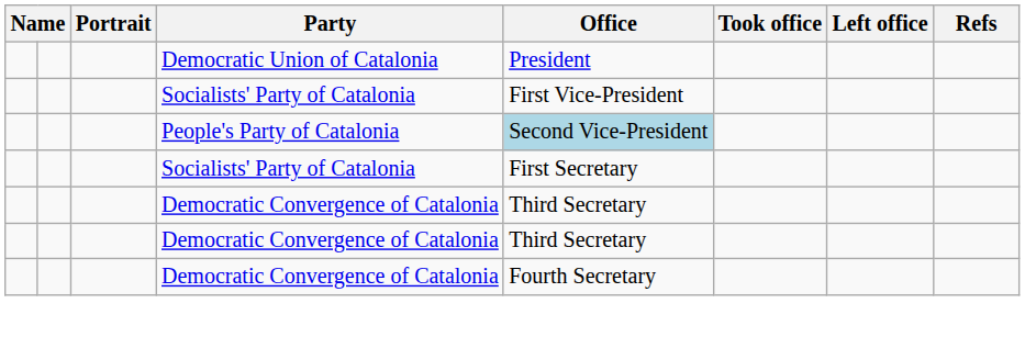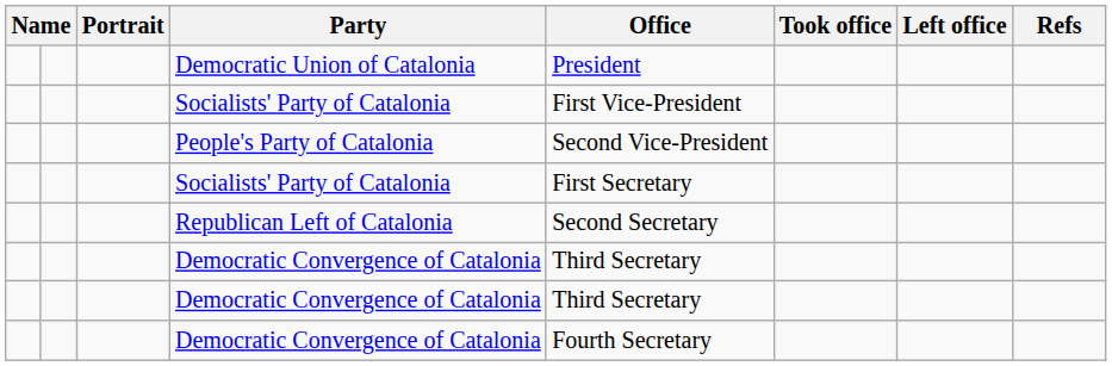 <table class="wikitable plainrowheaders sortable mw-collapsible mw-collapsed" style="font-size:90%; text-align:left;">
 <tr>
 <th scope=col colspan="2">Name</th>
 <th scope=col class=unsortable>Portrait</th>
 <th scope=col>Party</th>
 <th scope=col>Office</th>
 <th scope=col>Took office</th>
 <th scope=col>Left office</th>
 <th scope=col width=50px class=unsortable>Refs</th>
 </tr>
 <tr>
 <td !align="center" style="background:"></td>
 <td></td>
 <td align=center></td>
 <td><a href='#'>Democratic Union of Catalonia</a></td>
 <td><a href='#'>President</a></td>
 <td align=center></td>
 <td align=center></td>
 <td align=center></td>
 </tr>
 <tr>
 <td !align="center" style="background:"></td>
 <td></td>
 <td align=center></td>
 <td><a href='#'>Socialists' Party of Catalonia</a></td>
 <td>First Vice-President</td>
 <td align=center></td>
 <td align=center></td>
 <td align=center></td>
 </tr>
 <tr>
 <td !align="center" style="background:"></td>
 <td></td>
 <td align=center></td>
 <td><a href='#'>People's Party of Catalonia</a></td>
-<td style="background: lightblue;">Second Vice-President</td>
+<td>Second Vice-President</td>
 <td align=center></td>
 <td align=center></td>
 <td align=center></td>
 </tr>
 <tr>
 <td !align="center" style="background:"></td>
 <td></td>
 <td align=center></td>
 <td><a href='#'>Socialists' Party of Catalonia</a></td>
 <td>First Secretary</td>
+<td align=center></td>
+<td align=center></td>
+<td align=center></td>
+</tr>
+<tr>
+<td !align="center" style="background:"></td>
+<td></td>
+<td align=center></td>
+<td><a href='#'>Republican Left of Catalonia</a></td>
+<td>Second Secretary</td>
 <td align=center></td>
 <td align=center></td>
 <td align=center></td>
 </tr>
 <tr>
 <td !align="center" style="background:"></td>
 <td></td>
 <td align=center></td>
 <td><a href='#'>Democratic Convergence of Catalonia</a></td>
 <td>Third Secretary</td>
 <td align=center></td>
 <td align=center></td>
 <td align=center></td>
 </tr>
 <tr>
 <td !align="center" style="background:"></td>
 <td></td>
 <td align=center></td>
 <td><a href='#'>Democratic Convergence of Catalonia</a></td>
 <td>Third Secretary</td>
 <td align=center></td>
 <td align=center></td>
 <td align=center></td>
 </tr>
 <tr>
 <td !align="center" style="background:"></td>
 <td></td>
 <td align=center></td>
 <td><a href='#'>Democratic Convergence of Catalonia</a></td>
 <td>Fourth Secretary</td>
 <td align=center></td>
 <td align=center></td>
 <td align=center></td>
 </tr>
 </table>
